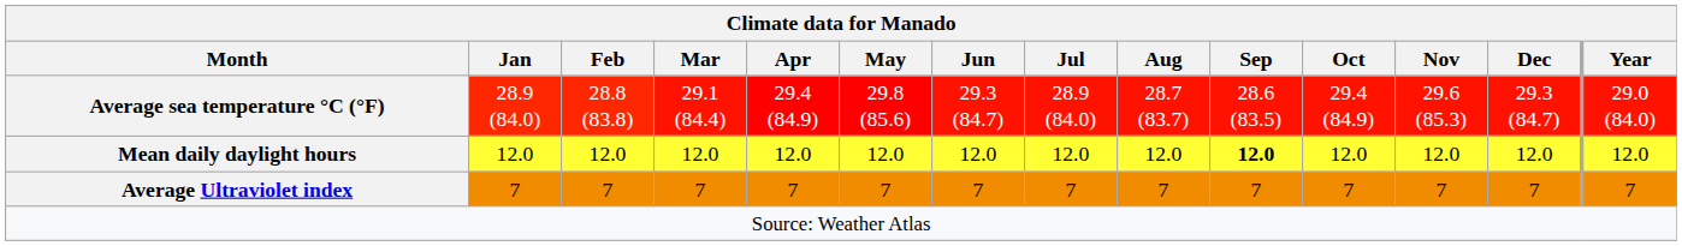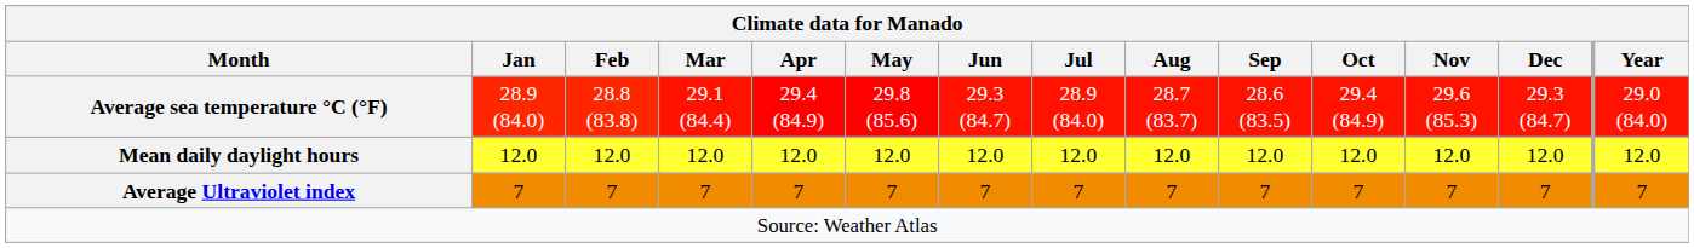 <table style="width:100%;text-align:center;line-height:1.2em;margin-left:auto;margin-right:auto" class="wikitable mw-collapsible">
 <tr>
 <th Colspan=14>Climate data for Manado</th>
 </tr>
 <tr>
 <th>Month</th>
 <th>Jan</th>
 <th>Feb</th>
 <th>Mar</th>
 <th>Apr</th>
 <th>May</th>
 <th>Jun</th>
 <th>Jul</th>
 <th>Aug</th>
 <th>Sep</th>
 <th>Oct</th>
 <th>Nov</th>
 <th>Dec</th>
 <th style="border-left-width:medium">Year</th>
 </tr>
 <tr>
 <th>Average sea temperature °C (°F)</th>
 <td style="background:#FF2700;color:#FFFFFF;">28.9<br>(84.0)</td>
 <td style="background:#FF2700;color:#FFFFFF;">28.8<br>(83.8)</td>
 <td style="background:#FF1300;color:#FFFFFF;">29.1<br>(84.4)</td>
 <td style="background:#FF0000;color:#FFFFFF;">29.4<br>(84.9)</td>
 <td style="background:#FF0000;color:#FFFFFF;">29.8<br>(85.6)</td>
 <td style="background:#FF1300;color:#FFFFFF;">29.3<br>(84.7)</td>
 <td style="background:#FF1300;color:#FFFFFF;">28.9<br>(84.0)</td>
 <td style="background:#FF1300;color:#FFFFFF;">28.7<br>(83.7)</td>
 <td style="background:#FF1300;color:#FFFFFF;">28.6<br>(83.5)</td>
 <td style="background:#FF1300;color:#FFFFFF;">29.4<br>(84.9)</td>
 <td style="background:#FF1300;color:#FFFFFF;">29.6<br>(85.3)</td>
 <td style="background:#FF1300;color:#FFFFFF;">29.3<br>(84.7)</td>
 <td style="background:#FF1300;color:#FFFFFF;border-left-width:medium">29.0<br>(84.0)</td>
 </tr>
 <tr>
 <th>Mean daily daylight hours</th>
 <td style="background:#FFFF33;color:#000000;">12.0</td>
 <td style="background:#FFFF33;color:#000000;">12.0</td>
 <td style="background:#FFFF33;color:#000000;">12.0</td>
 <td style="background:#FFFF33;color:#000000;">12.0</td>
 <td style="background:#FFFF33;color:#000000;">12.0</td>
 <td style="background:#FFFF33;color:#000000;">12.0</td>
 <td style="background:#FFFF33;color:#000000;">12.0</td>
 <td style="background:#FFFF33;color:#000000;">12.0</td>
-<td style="background:#FFFF33;color:#000000;"><strong>12.0</strong></td>
+<td style="background:#FFFF33;color:#000000;">12.0</td>
 <td style="background:#FFFF33;color:#000000;">12.0</td>
 <td style="background:#FFFF33;color:#000000;">12.0</td>
 <td style="background:#FFFF33;color:#000000;">12.0</td>
 <td style="background:#FFFF33;color:#000000;border-left-width:medium">12.0</td>
 </tr>
 <tr>
 <th>Average <a href='#'>Ultraviolet index</a></th>
 <td style="background:#F18B00;color:#000000;">7</td>
 <td style="background:#F18B00;color:#000000;">7</td>
 <td style="background:#F18B00;color:#000000;">7</td>
 <td style="background:#F18B00;color:#000000;">7</td>
 <td style="background:#F18B00;color:#000000;">7</td>
 <td style="background:#F18B00;color:#000000;">7</td>
 <td style="background:#F18B00;color:#000000;">7</td>
 <td style="background:#F18B00;color:#000000;">7</td>
 <td style="background:#F18B00;color:#000000;">7</td>
 <td style="background:#F18B00;color:#000000;">7</td>
 <td style="background:#F18B00;color:#000000;">7</td>
 <td style="background:#F18B00;color:#000000;">7</td>
 <td style="background:#F18B00;color:#000000;border-left-width:medium">7</td>
 </tr>
 <tr>
 <th Colspan=14 style="background:#f8f9fa;font-weight:normal;font-size:95%;">Source: Weather Atlas</th>
 </tr>
 </table>
